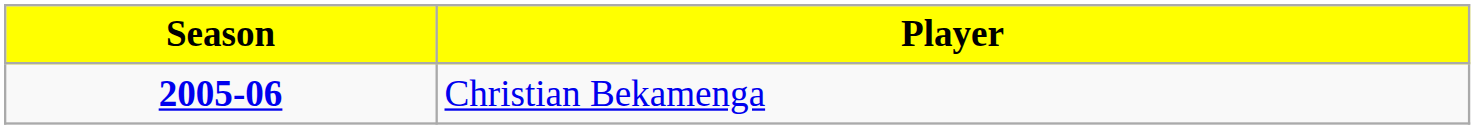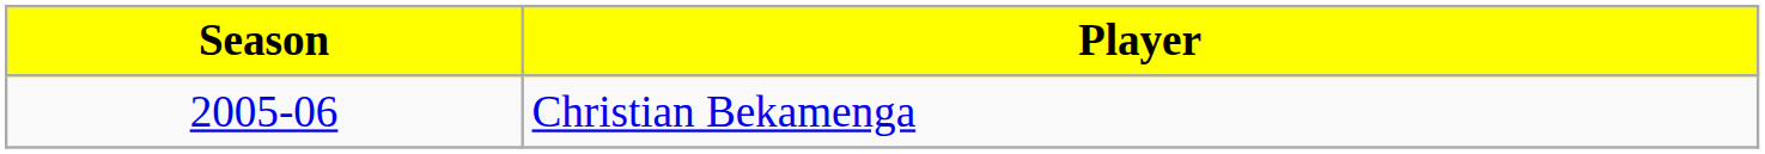 <table class="wikitable" style=width:50%>
 <tr>
 <th style="background:yellow; color:black; text-align:center;">Season</th>
 <th style="background:yellow; color:black; text-align:center;">Player</th>
 </tr>
 <tr>
-<td align="center"><strong><a href='#'>2005-06</a></strong></td>
+<td align="center"><a href='#'>2005-06</a></td>
 <td> <a href='#'>Christian Bekamenga</a></td>
 </tr>
 </table>
